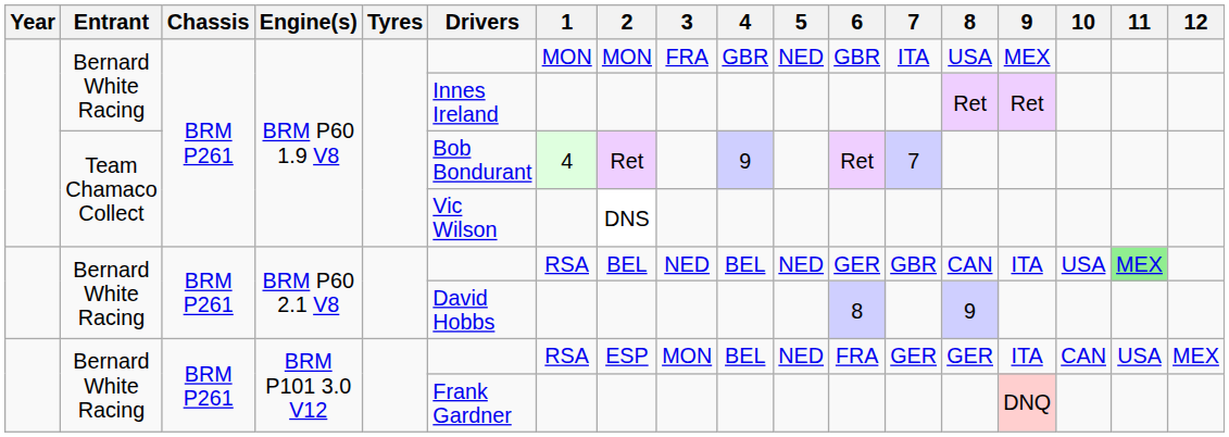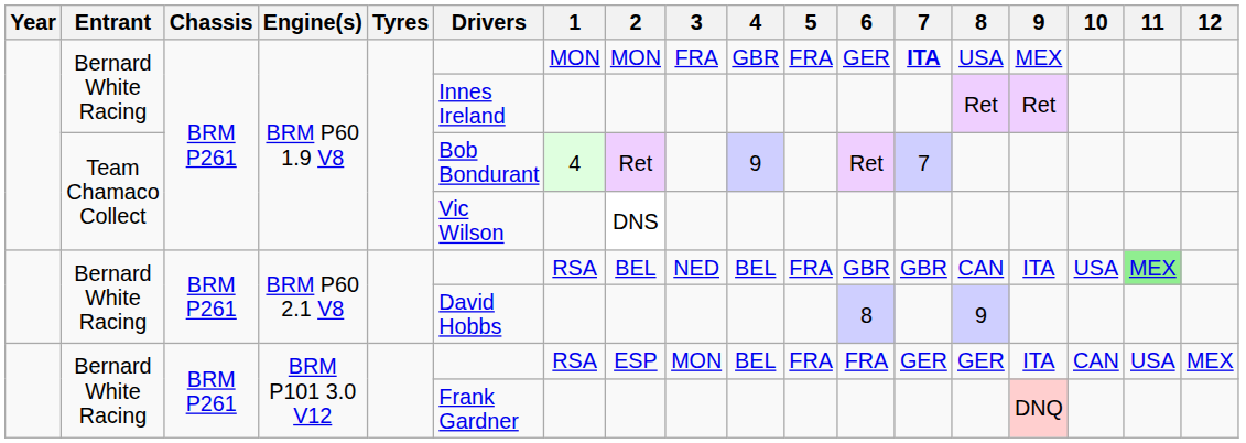 <table class="wikitable" style="text-align:center; font-size:95%">
 <tr>
 <th>Year</th>
 <th>Entrant</th>
 <th>Chassis</th>
 <th>Engine(s)</th>
 <th>Tyres</th>
 <th>Drivers</th>
 <th>1</th>
 <th>2</th>
 <th>3</th>
 <th>4</th>
 <th>5</th>
 <th>6</th>
 <th>7</th>
 <th>8</th>
 <th>9</th>
 <th>10</th>
 <th>11</th>
 <th>12</th>
 </tr>
 <tr>
 <td rowspan=4></td>
 <td rowspan=2>Bernard White Racing</td>
 <td rowspan=4><a href='#'>BRM</a> <a href='#'>P261</a></td>
 <td rowspan=4><a href='#'>BRM</a> P60 1.9 <a href='#'>V8</a></td>
 <td rowspan=4></td>
 <td></td>
 <td><a href='#'>MON</a></td>
 <td><a href='#'>MON</a></td>
 <td><a href='#'>FRA</a></td>
 <td><a href='#'>GBR</a></td>
-<td><a href='#'>NED</a></td>
-<td><a href='#'>GBR</a></td>
-<td><a href='#'>ITA</a></td>
+<td><a href='#'>FRA</a></td>
+<td><a href='#'>GER</a></td>
+<td><strong><a href='#'>ITA</a></strong></td>
 <td><a href='#'>USA</a></td>
 <td><a href='#'>MEX</a></td>
 <td></td>
 <td></td>
 <td></td>
 </tr>
 <tr>
 <td align=left> <a href='#'>Innes Ireland</a></td>
 <td></td>
 <td></td>
 <td></td>
 <td></td>
 <td></td>
 <td></td>
 <td></td>
 <td style="background:#EFCFFF;">Ret</td>
 <td style="background:#EFCFFF;">Ret</td>
 <td></td>
 <td></td>
 <td></td>
 </tr>
 <tr>
 <td rowspan=2>Team Chamaco Collect</td>
 <td align=left> <a href='#'>Bob Bondurant</a></td>
 <td style="background:#DFFFDF;">4</td>
 <td style="background:#EFCFFF;">Ret</td>
 <td></td>
 <td style="background:#CFCFFF;">9</td>
 <td></td>
 <td style="background:#EFCFFF;">Ret</td>
 <td style="background:#CFCFFF;">7</td>
 <td></td>
 <td></td>
 <td></td>
 <td></td>
 <td></td>
 </tr>
 <tr>
 <td align=left> <a href='#'>Vic Wilson</a></td>
 <td></td>
 <td style="background:#FFFFFF;">DNS</td>
 <td></td>
 <td></td>
 <td></td>
 <td></td>
 <td></td>
 <td></td>
 <td></td>
 <td></td>
 <td></td>
 <td></td>
 </tr>
 <tr>
 <td rowspan=2></td>
 <td rowspan=2>Bernard White Racing</td>
 <td rowspan=2><a href='#'>BRM</a> <a href='#'>P261</a></td>
 <td rowspan=2><a href='#'>BRM</a> P60 2.1 <a href='#'>V8</a></td>
 <td rowspan=2></td>
 <td></td>
 <td><a href='#'>RSA</a></td>
 <td><a href='#'>BEL</a></td>
 <td><a href='#'>NED</a></td>
 <td><a href='#'>BEL</a></td>
-<td><a href='#'>NED</a></td>
-<td><a href='#'>GER</a></td>
+<td><a href='#'>FRA</a></td>
+<td><a href='#'>GBR</a></td>
 <td><a href='#'>GBR</a></td>
 <td><a href='#'>CAN</a></td>
 <td><a href='#'>ITA</a></td>
 <td><a href='#'>USA</a></td>
 <td style="background: lightgreen;"><a href='#'>MEX</a></td>
 <td></td>
 </tr>
 <tr>
 <td align="left"> <a href='#'>David Hobbs</a></td>
 <td></td>
 <td></td>
 <td></td>
 <td></td>
 <td></td>
 <td style="background:#CFCFFF;">8</td>
 <td></td>
 <td style="background:#CFCFFF;">9</td>
 <td></td>
 <td></td>
 <td></td>
 <td></td>
 </tr>
 <tr>
 <td rowspan=2></td>
 <td rowspan=2>Bernard White Racing</td>
 <td rowspan=2><a href='#'>BRM</a> <a href='#'>P261</a></td>
 <td rowspan=2><a href='#'>BRM</a> P101 3.0 <a href='#'>V12</a></td>
 <td rowspan=2></td>
 <td></td>
 <td><a href='#'>RSA</a></td>
 <td><a href='#'>ESP</a></td>
 <td><a href='#'>MON</a></td>
 <td><a href='#'>BEL</a></td>
-<td><a href='#'>NED</a></td>
+<td><a href='#'>FRA</a></td>
 <td><a href='#'>FRA</a></td>
 <td><a href='#'>GER</a></td>
 <td><a href='#'>GER</a></td>
 <td><a href='#'>ITA</a></td>
 <td><a href='#'>CAN</a></td>
 <td><a href='#'>USA</a></td>
 <td><a href='#'>MEX</a></td>
 </tr>
 <tr>
 <td align="left"> <a href='#'>Frank Gardner</a></td>
 <td></td>
 <td></td>
 <td></td>
 <td></td>
 <td></td>
 <td></td>
 <td></td>
 <td></td>
 <td style="background:#FFCFCF;">DNQ</td>
 <td></td>
 <td></td>
 <td></td>
 </tr>
 </table>
